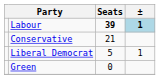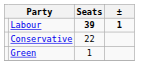 <table class="sortable wikitable">
 <tr>
 <th colspan="2">Party</th>
 <th>Seats</th>
 <th>  ±  </th>
 </tr>
 <tr>
 <td style="background-color: "></td>
 <td><a href='#'>Labour</a></td>
 <td align="center"><strong>39</strong></td>
-<td align="center" style="background: lightblue;"><strong>1</strong></td>
+<td align="center"><strong>1</strong></td>
 </tr>
 <tr>
 <td style="background-color: "></td>
 <td><a href='#'>Conservative</a></td>
-<td align="center">21</td>
+<td align="center">22</td>
 <td align="center"></td>
 </tr>
 <tr>
 <td style="background-color: "></td>
-<td><a href='#'>Liberal Democrat</a></td>
-<td align="center">5</td>
+<td><a href='#'>Green</a></td>
 <td align="center">1</td>
-</tr>
-<tr>
-<td style="background-color: "></td>
-<td><a href='#'>Green</a></td>
-<td align="center">0</td>
 <td align="center"></td>
 </tr>
 <tr>
 </tr>
 </table>
